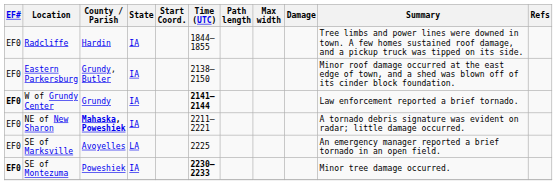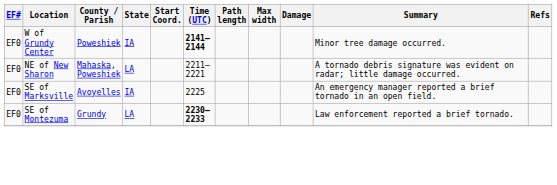 <table class="wikitable sortable" style="width:100%;">
 <tr>
 <th scope="col"  style="width:3%; text-align:center;"><a href='#'>EF#</a></th>
 <th scope="col"  style="width:7%; text-align:center;" class="unsortable">Location</th>
 <th scope="col"  style="width:6%; text-align:center;" class="unsortable">County / Parish</th>
 <th scope="col"  style="width:5%; text-align:center;">State</th>
 <th scope="col"  style="width:6%; text-align:center;">Start Coord.</th>
 <th scope="col"  style="width:6%; text-align:center;">Time (<a href='#'>UTC</a>)</th>
 <th scope="col"  style="width:6%; text-align:center;">Path length</th>
 <th scope="col"  style="width:6%; text-align:center;">Max width</th>
 <th scope="col"  style="width:6%; text-align:center;">Damage</th>
 <th scope="col" class="unsortable" style="width:48%; text-align:center;">Summary</th>
 <th scope="col" class="unsortable" style="width:48%; text-align:center;">Refs</th>
 </tr>
 <tr>
 <td>EF0</td>
-<td><a href='#'>Radcliffe</a></td>
-<td><a href='#'>Hardin</a></td>
-<td><a href='#'>IA</a></td>
-<td></td>
-<td>1844–1855</td>
-<td></td>
-<td></td>
-<td></td>
-<td>Tree limbs and power lines were downed in town. A few homes sustained roof damage, and a pickup truck was tipped on its side.</td>
-<td></td>
-</tr>
-<tr>
-<td>EF0</td>
-<td><a href='#'>Eastern Parkersburg</a></td>
-<td><a href='#'>Grundy</a>, <a href='#'>Butler</a></td>
-<td><a href='#'>IA</a></td>
-<td></td>
-<td>2138–2150</td>
-<td></td>
-<td></td>
-<td></td>
-<td>Minor roof damage occurred at the east edge of town, and a shed was blown off of its cinder block foundation.</td>
-<td></td>
-</tr>
-<tr>
-<td><strong>EF0</strong></td>
 <td>W of <a href='#'>Grundy Center</a></td>
-<td><a href='#'>Grundy</a></td>
+<td><a href='#'>Poweshiek</a></td>
 <td><a href='#'>IA</a></td>
 <td></td>
 <td><strong>2141–2144</strong></td>
 <td></td>
 <td></td>
 <td></td>
-<td>Law enforcement reported a brief tornado.</td>
+<td>Minor tree damage occurred.</td>
 <td></td>
 </tr>
 <tr>
 <td>EF0</td>
 <td>NE of <a href='#'>New Sharon</a></td>
-<td><strong><a href='#'>Mahaska</a>, <a href='#'>Poweshiek</a></strong></td>
-<td><a href='#'>IA</a></td>
+<td><a href='#'>Mahaska</a>, <a href='#'>Poweshiek</a></td>
+<td><a href='#'>LA</a></td>
 <td></td>
 <td>2211–2221</td>
 <td></td>
 <td></td>
 <td></td>
 <td>A tornado debris signature was evident on radar; little damage occurred.</td>
 <td></td>
 </tr>
 <tr>
 <td>EF0</td>
 <td>SE of <a href='#'>Marksville</a></td>
 <td><a href='#'>Avoyelles</a></td>
-<td><a href='#'>LA</a></td>
+<td><a href='#'>IA</a></td>
 <td></td>
 <td>2225</td>
 <td></td>
 <td></td>
 <td></td>
 <td>An emergency manager reported a brief tornado in an open field.</td>
 <td></td>
 </tr>
 <tr>
-<td><strong>EF0</strong></td>
+<td>EF0</td>
 <td>SE of <a href='#'>Montezuma</a></td>
-<td><a href='#'>Poweshiek</a></td>
-<td><a href='#'>IA</a></td>
+<td><a href='#'>Grundy</a></td>
+<td><a href='#'>LA</a></td>
 <td></td>
 <td><strong>2230–2233</strong></td>
 <td></td>
 <td></td>
 <td></td>
-<td>Minor tree damage occurred.</td>
+<td>Law enforcement reported a brief tornado.</td>
 <td></td>
 </tr>
 <tr>
 </tr>
 </table>
